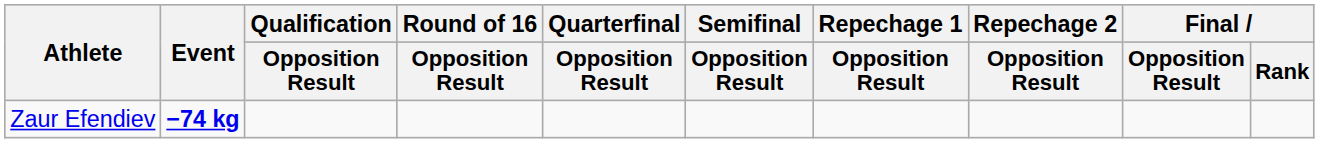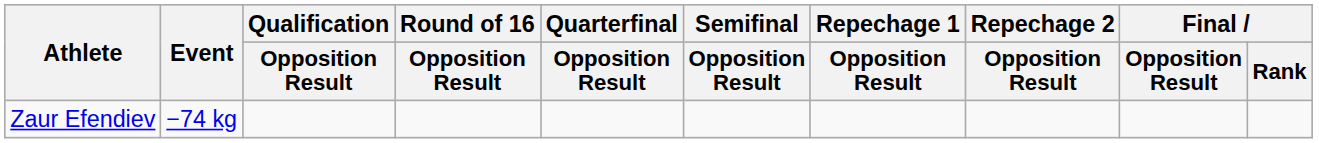 <table class="wikitable" style="font-size:90%">
 <tr>
 <th rowspan="2">Athlete</th>
 <th rowspan="2">Event</th>
 <th>Qualification</th>
 <th>Round of 16</th>
 <th>Quarterfinal</th>
 <th>Semifinal</th>
 <th>Repechage 1</th>
 <th>Repechage 2</th>
 <th colspan=2>Final / </th>
 </tr>
 <tr style="font-size: 95%">
 <th>Opposition<br>Result</th>
 <th>Opposition<br>Result</th>
 <th>Opposition<br>Result</th>
 <th>Opposition<br>Result</th>
 <th>Opposition<br>Result</th>
 <th>Opposition<br>Result</th>
 <th>Opposition<br>Result</th>
 <th>Rank</th>
 </tr>
 <tr align=center>
 <td align=left><a href='#'>Zaur Efendiev</a></td>
-<td align=left><strong><a href='#'>−74 kg</a></strong></td>
+<td align=left><a href='#'>−74 kg</a></td>
 <td></td>
 <td></td>
 <td></td>
 <td></td>
 <td></td>
 <td></td>
 <td></td>
 <td></td>
 </tr>
 </table>
